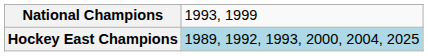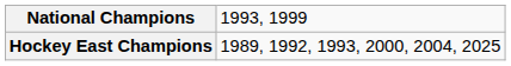 <table class="wikitable">
 <tr>
 <th>National Champions</th>
 <td>1993, 1999</td>
 </tr>
 <tr>
 <th>Hockey East Champions</th>
-<td style="background: lightblue;">1989, 1992, 1993, 2000, 2004, 2025</td>
+<td>1989, 1992, 1993, 2000, 2004, 2025</td>
 </tr>
 </table>
